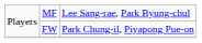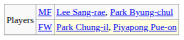 <table class="wikitable" style="text-align:left; font-size:95%">
 <tr>
 <td rowspan="2" style="text-align: center;">Players</td>
 <td style="text-align: center;"><a href='#'>MF</a></td>
 <td> <a href='#'>Lee Sang-rae</a>,  <a href='#'>Park Byung-chul</a></td>
 </tr>
 <tr>
 <td style="text-align: center;"><a href='#'>FW</a></td>
-<td> <a href='#'>Park Chung-il</a>,  <a href='#'>Piyapong Pue-on</a></td>
+<td style="background: lightyellow;"> <a href='#'>Park Chung-il</a>,  <a href='#'>Piyapong Pue-on</a></td>
 </tr>
 <tr>
 </tr>
 </table>
